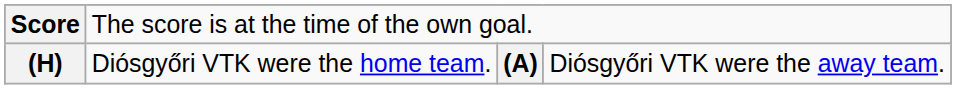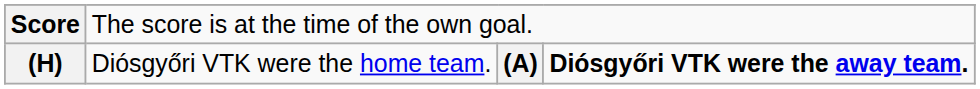 <table class="wikitable" style="font-size:85%;">
 <tr>
 <th>Score</th>
 <td colspan="3">The score is at the time of the own goal.</td>
 </tr>
 <tr>
 <th>(H)</th>
 <td>Diósgyőri VTK were the <a href='#'>home team</a>.</td>
 <th>(A)</th>
-<td>Diósgyőri VTK were the <a href='#'>away team</a>.</td>
+<td><strong>Diósgyőri VTK were the <a href='#'>away team</a>.</strong></td>
 </tr>
 </table>
